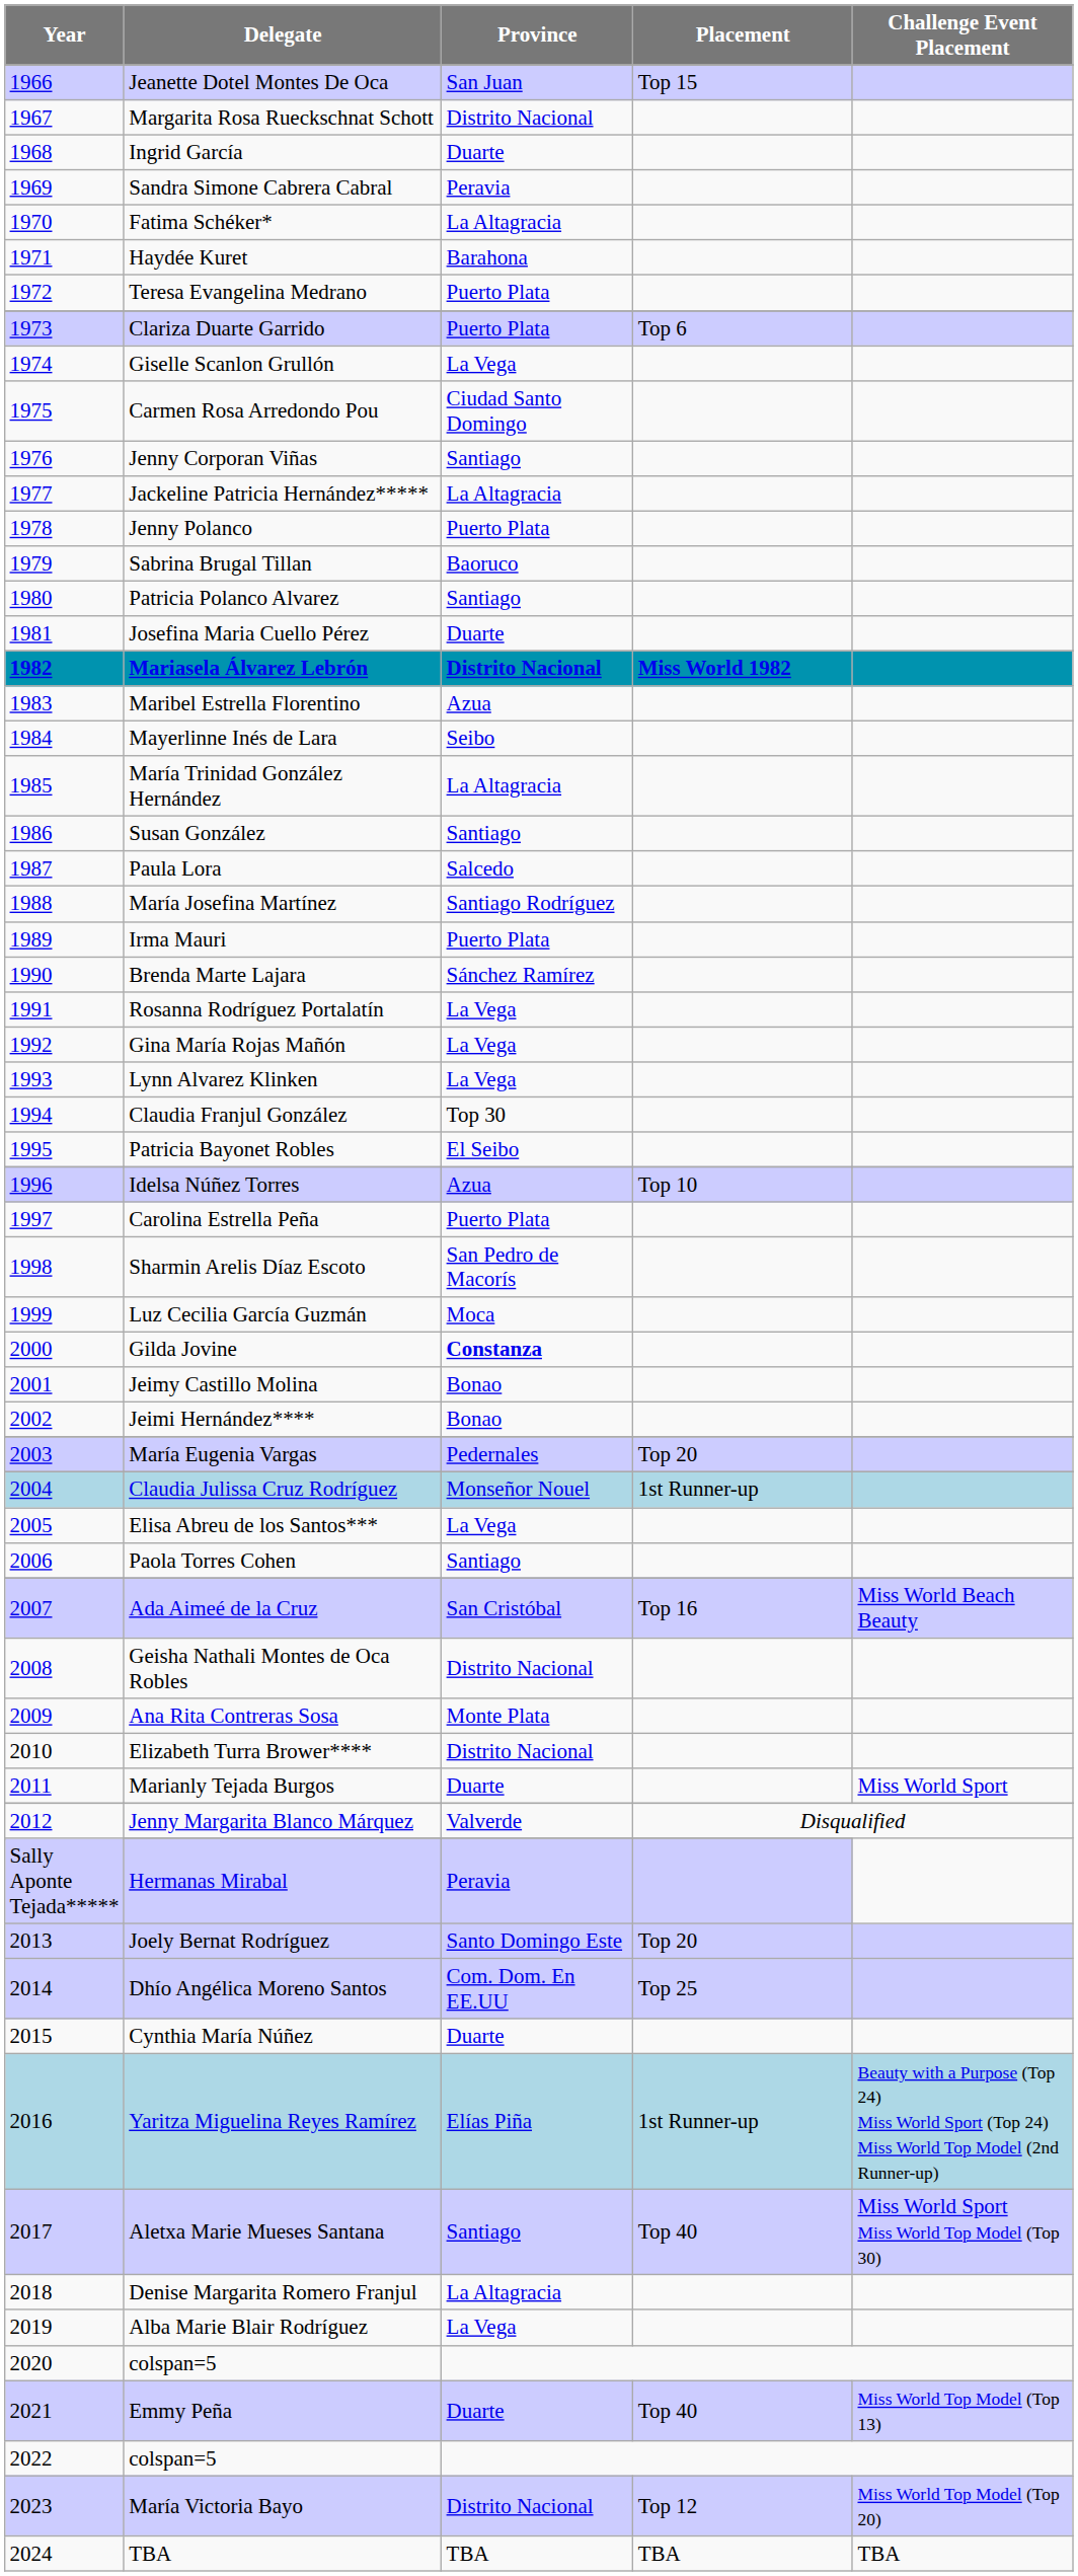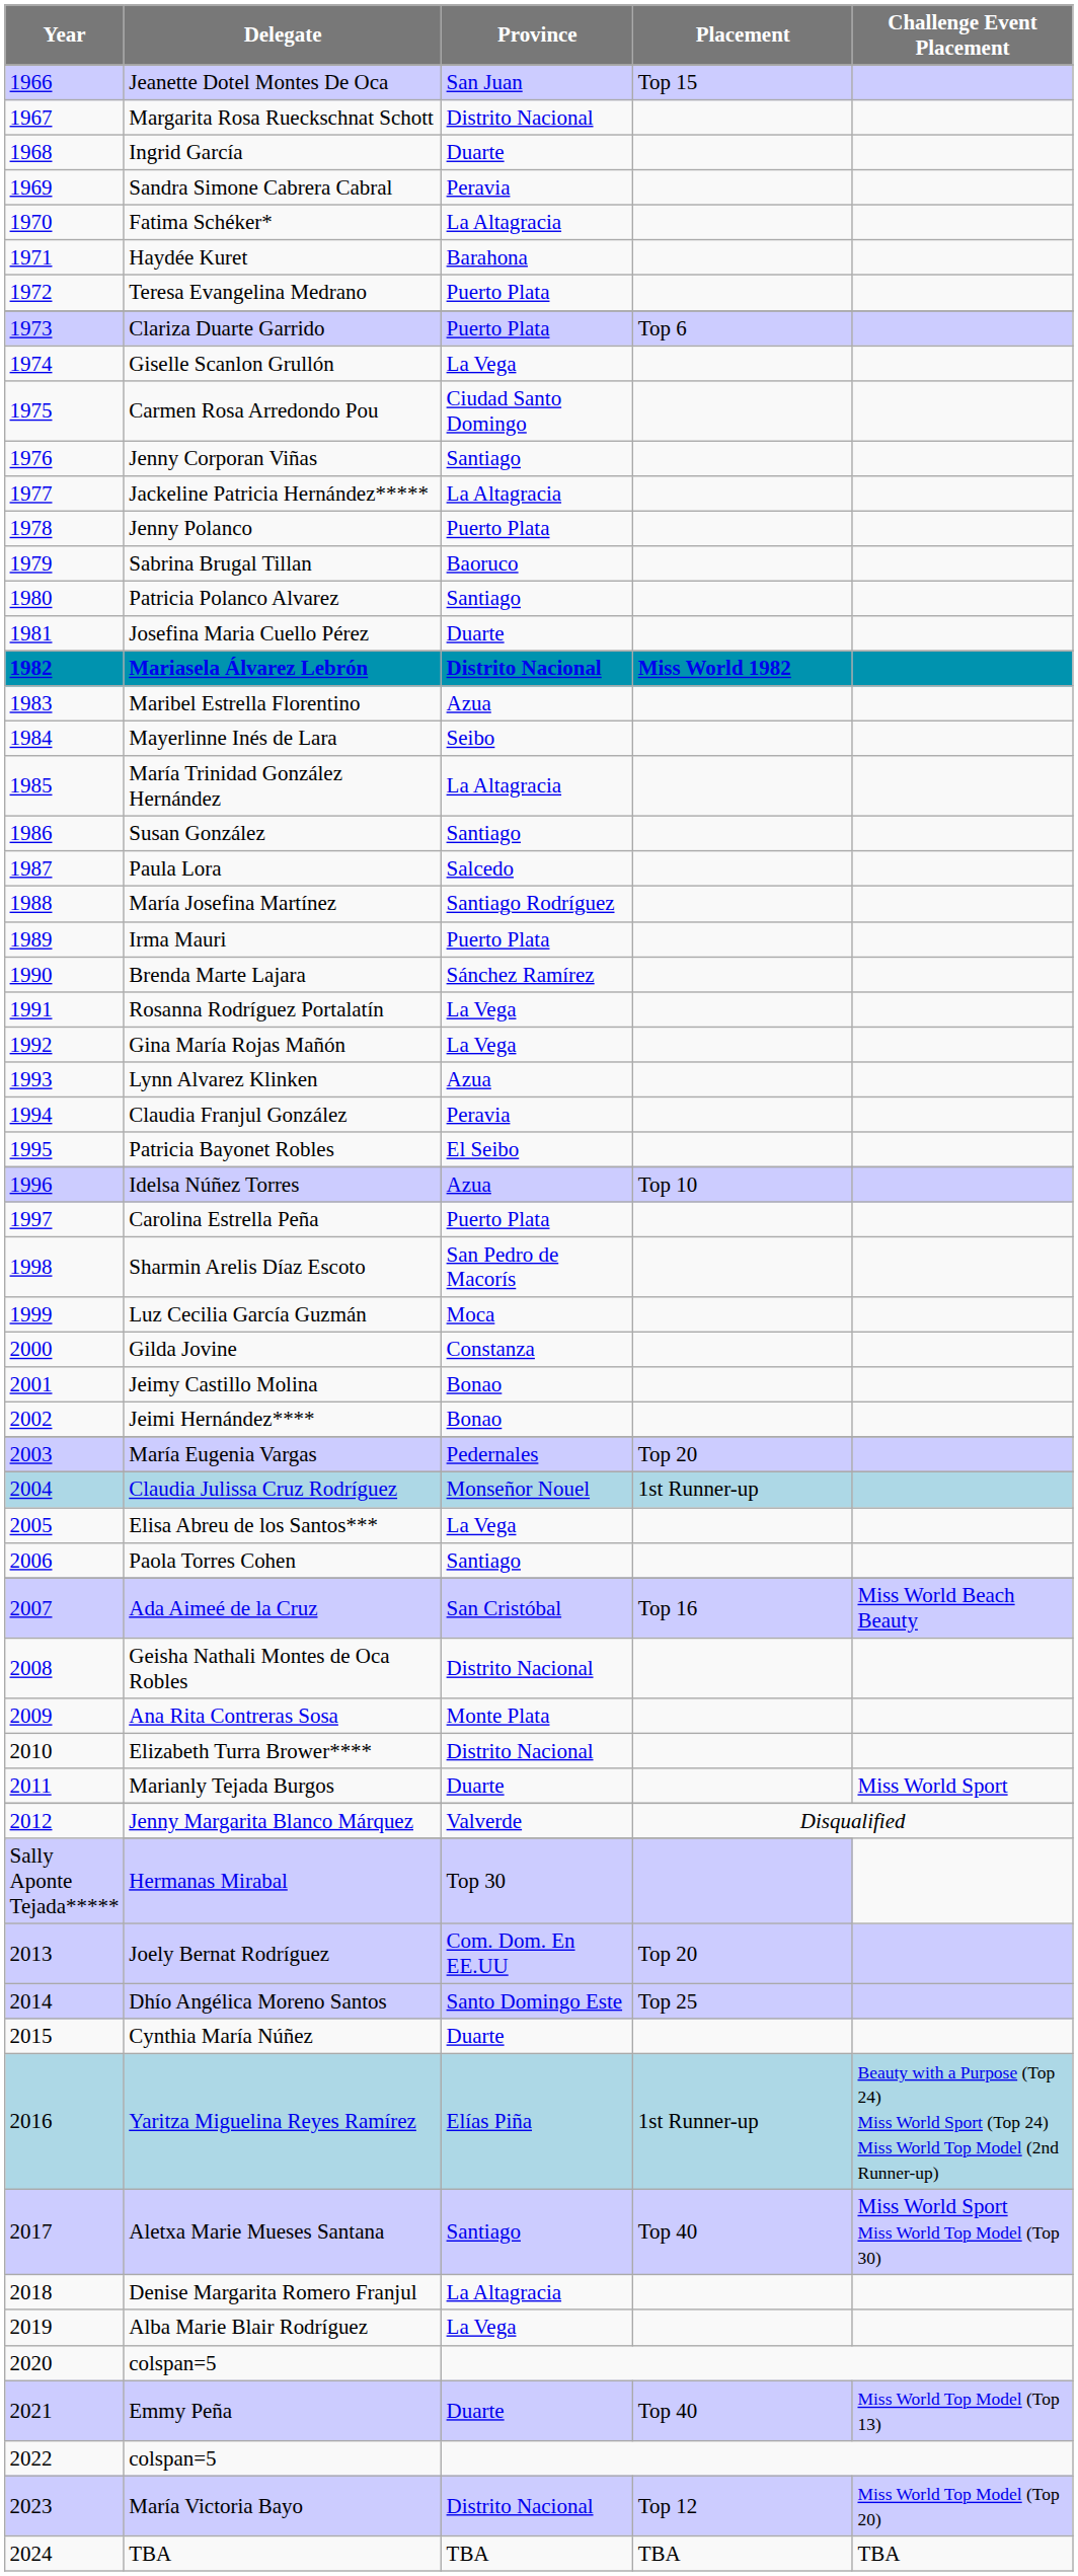 <table class="wikitable sortable" style="font-size: 95%;">
 <tr>
 <th width="30" style="background-color:#787878;color:#FFFFFF;">Year</th>
 <th width="220" style="background-color:#787878;color:#FFFFFF;">Delegate</th>
 <th width="130" style="background-color:#787878;color:#FFFFFF;">Province</th>
 <th width="150" style="background-color:#787878;color:#FFFFFF;">Placement</th>
 <th width="150" style="background-color:#787878;color:#FFFFFF;">Challenge Event Placement</th>
 </tr>
 <tr>
 </tr>
 <tr style="background-color:#CCCCFF">
 <td><a href='#'>1966</a></td>
 <td>Jeanette Dotel Montes De Oca</td>
 <td><a href='#'>San Juan</a></td>
 <td>Top 15</td>
 <td></td>
 </tr>
 <tr>
 <td><a href='#'>1967</a></td>
 <td>Margarita Rosa Rueckschnat Schott</td>
 <td><a href='#'>Distrito Nacional</a></td>
 <td></td>
 <td></td>
 </tr>
 <tr>
 <td><a href='#'>1968</a></td>
 <td>Ingrid García</td>
 <td><a href='#'>Duarte</a></td>
 <td></td>
 <td></td>
 </tr>
 <tr>
 <td><a href='#'>1969</a></td>
 <td>Sandra Simone Cabrera Cabral</td>
 <td><a href='#'>Peravia</a></td>
 <td></td>
 <td></td>
 </tr>
 <tr>
 <td><a href='#'>1970</a></td>
 <td>Fatima Schéker*</td>
 <td><a href='#'>La Altagracia</a></td>
 <td></td>
 <td></td>
 </tr>
 <tr>
 <td><a href='#'>1971</a></td>
 <td>Haydée Kuret</td>
 <td><a href='#'>Barahona</a></td>
 <td></td>
 <td></td>
 </tr>
 <tr>
 <td><a href='#'>1972</a></td>
 <td>Teresa Evangelina Medrano</td>
 <td><a href='#'>Puerto Plata</a></td>
 <td></td>
 <td></td>
 </tr>
 <tr>
 </tr>
 <tr style="background-color:#CCCCFF">
 <td><a href='#'>1973</a></td>
 <td>Clariza Duarte Garrido</td>
 <td><a href='#'>Puerto Plata</a></td>
 <td>Top 6</td>
 <td></td>
 </tr>
 <tr>
 <td><a href='#'>1974</a></td>
 <td>Giselle Scanlon Grullón</td>
 <td><a href='#'>La Vega</a></td>
 <td></td>
 <td></td>
 </tr>
 <tr>
 <td><a href='#'>1975</a></td>
 <td>Carmen Rosa Arredondo Pou</td>
 <td><a href='#'>Ciudad Santo Domingo</a></td>
 <td></td>
 <td></td>
 </tr>
 <tr>
 <td><a href='#'>1976</a></td>
 <td>Jenny Corporan Viñas</td>
 <td><a href='#'>Santiago</a></td>
 <td></td>
 <td></td>
 </tr>
 <tr>
 <td><a href='#'>1977</a></td>
 <td>Jackeline Patricia Hernández*****</td>
 <td><a href='#'>La Altagracia</a></td>
 <td></td>
 <td></td>
 </tr>
 <tr>
 <td><a href='#'>1978</a></td>
 <td>Jenny Polanco</td>
 <td><a href='#'>Puerto Plata</a></td>
 <td></td>
 <td></td>
 </tr>
 <tr>
 <td><a href='#'>1979</a></td>
 <td>Sabrina Brugal Tillan</td>
 <td><a href='#'>Baoruco</a></td>
 <td></td>
 <td></td>
 </tr>
 <tr>
 <td><a href='#'>1980</a></td>
 <td>Patricia Polanco Alvarez</td>
 <td><a href='#'>Santiago</a></td>
 <td></td>
 <td></td>
 </tr>
 <tr>
 <td><a href='#'>1981</a></td>
 <td>Josefina Maria Cuello Pérez</td>
 <td><a href='#'>Duarte</a></td>
 <td></td>
 <td></td>
 </tr>
 <tr>
 </tr>
 <tr style="background:#0093AF; font-weight:bold;">
 <td><a href='#'>1982</a></td>
 <td><a href='#'>Mariasela Álvarez Lebrón</a></td>
 <td><a href='#'>Distrito Nacional</a></td>
 <td><a href='#'>Miss World 1982</a></td>
 <td></td>
 </tr>
 <tr>
 <td><a href='#'>1983</a></td>
 <td>Maribel Estrella Florentino</td>
 <td><a href='#'>Azua</a></td>
 <td></td>
 <td></td>
 </tr>
 <tr>
 <td><a href='#'>1984</a></td>
 <td>Mayerlinne Inés de Lara</td>
 <td><a href='#'>Seibo</a></td>
 <td></td>
 <td></td>
 </tr>
 <tr>
 <td><a href='#'>1985</a></td>
 <td>María Trinidad González Hernández</td>
 <td><a href='#'>La Altagracia</a></td>
 <td></td>
 <td></td>
 </tr>
 <tr>
 <td><a href='#'>1986</a></td>
 <td>Susan González</td>
 <td><a href='#'>Santiago</a></td>
 <td></td>
 <td></td>
 </tr>
 <tr>
 <td><a href='#'>1987</a></td>
 <td>Paula Lora</td>
 <td><a href='#'>Salcedo</a></td>
 <td></td>
 <td></td>
 </tr>
 <tr>
 <td><a href='#'>1988</a></td>
 <td>María Josefina Martínez</td>
 <td><a href='#'>Santiago Rodríguez</a></td>
 <td></td>
 <td></td>
 </tr>
 <tr>
 <td><a href='#'>1989</a></td>
 <td>Irma Mauri</td>
 <td><a href='#'>Puerto Plata</a></td>
 <td></td>
 <td></td>
 </tr>
 <tr>
 <td><a href='#'>1990</a></td>
 <td>Brenda Marte Lajara</td>
 <td><a href='#'>Sánchez Ramírez</a></td>
 <td></td>
 <td></td>
 </tr>
 <tr>
 <td><a href='#'>1991</a></td>
 <td>Rosanna Rodríguez Portalatín</td>
 <td><a href='#'>La Vega</a></td>
 <td></td>
 <td></td>
 </tr>
 <tr>
 <td><a href='#'>1992</a></td>
 <td>Gina María Rojas Mañón</td>
 <td><a href='#'>La Vega</a></td>
 <td></td>
 <td></td>
 </tr>
 <tr>
 <td><a href='#'>1993</a></td>
 <td>Lynn Alvarez Klinken</td>
-<td><a href='#'>La Vega</a></td>
+<td><a href='#'>Azua</a></td>
 <td></td>
 <td></td>
 </tr>
 <tr>
 <td><a href='#'>1994</a></td>
 <td>Claudia Franjul González</td>
-<td>Top 30</td>
+<td><a href='#'>Peravia</a></td>
 <td></td>
 <td></td>
 </tr>
 <tr>
 <td><a href='#'>1995</a></td>
 <td>Patricia Bayonet Robles</td>
 <td><a href='#'>El Seibo</a></td>
 <td></td>
 <td></td>
 </tr>
 <tr>
 </tr>
 <tr style="background-color:#CCCCFF">
 <td><a href='#'>1996</a></td>
 <td>Idelsa Núñez Torres</td>
 <td><a href='#'>Azua</a></td>
 <td>Top 10</td>
 <td></td>
 </tr>
 <tr>
 <td><a href='#'>1997</a></td>
 <td>Carolina Estrella Peña</td>
 <td><a href='#'>Puerto Plata</a></td>
 <td></td>
 <td></td>
 </tr>
 <tr>
 <td><a href='#'>1998</a></td>
 <td>Sharmin Arelis Díaz Escoto</td>
 <td><a href='#'>San Pedro de Macorís</a></td>
 <td></td>
 <td></td>
 </tr>
 <tr>
 <td><a href='#'>1999</a></td>
 <td>Luz Cecilia García Guzmán</td>
 <td><a href='#'>Moca</a></td>
 <td></td>
 <td></td>
 </tr>
 <tr>
 <td><a href='#'>2000</a></td>
 <td>Gilda Jovine</td>
-<td><strong><a href='#'>Constanza</a></strong></td>
+<td><a href='#'>Constanza</a></td>
 <td></td>
 <td></td>
 </tr>
 <tr>
 <td><a href='#'>2001</a></td>
 <td>Jeimy Castillo Molina</td>
 <td><a href='#'>Bonao</a></td>
 <td></td>
 <td></td>
 </tr>
 <tr>
 <td><a href='#'>2002</a></td>
 <td>Jeimi Hernández****</td>
 <td><a href='#'>Bonao</a></td>
 <td></td>
 <td></td>
 </tr>
 <tr>
 </tr>
 <tr style="background-color:#CCCCFF">
 <td><a href='#'>2003</a></td>
 <td>María Eugenia Vargas</td>
 <td><a href='#'>Pedernales</a></td>
 <td>Top 20</td>
 <td></td>
 </tr>
 <tr>
 </tr>
 <tr style="background-color:#ADD8E6">
 <td><a href='#'>2004</a></td>
 <td><a href='#'>Claudia Julissa Cruz Rodríguez</a></td>
 <td><a href='#'>Monseñor Nouel</a></td>
 <td>1st Runner-up</td>
 <td></td>
 </tr>
 <tr>
 <td><a href='#'>2005</a></td>
 <td>Elisa Abreu de los Santos***</td>
 <td><a href='#'>La Vega</a></td>
 <td></td>
 <td></td>
 </tr>
 <tr>
 <td><a href='#'>2006</a></td>
 <td>Paola Torres Cohen</td>
 <td><a href='#'>Santiago</a></td>
 <td></td>
 <td></td>
 </tr>
 <tr>
 </tr>
 <tr style="background-color:#CCCCFF">
 <td><a href='#'>2007</a></td>
 <td><a href='#'>Ada Aimeé de la Cruz</a></td>
 <td><a href='#'>San Cristóbal</a></td>
 <td>Top 16</td>
 <td><a href='#'>Miss World Beach Beauty</a></td>
 </tr>
 <tr>
 <td><a href='#'>2008</a></td>
 <td>Geisha Nathali Montes de Oca Robles</td>
 <td><a href='#'>Distrito Nacional</a></td>
 <td></td>
 <td></td>
 </tr>
 <tr>
 <td><a href='#'>2009</a></td>
 <td><a href='#'>Ana Rita Contreras Sosa</a></td>
 <td><a href='#'>Monte Plata</a></td>
 <td></td>
 <td></td>
 </tr>
 <tr>
 <td>2010</td>
 <td>Elizabeth Turra Brower****</td>
 <td><a href='#'>Distrito Nacional</a></td>
 <td></td>
 <td></td>
 </tr>
 <tr>
 <td><a href='#'>2011</a></td>
 <td>Marianly Tejada Burgos</td>
 <td><a href='#'>Duarte</a></td>
 <td></td>
 <td><a href='#'>Miss World Sport</a></td>
 </tr>
 <tr>
 </tr>
 <tr>
 <td rowspan=2><a href='#'>2012</a></td>
 <td><a href='#'>Jenny Margarita Blanco Márquez</a></td>
 <td><a href='#'>Valverde</a></td>
 <td colspan=2 align=center><em>Disqualified</em></td>
 </tr>
 <tr>
 </tr>
 <tr style="background-color:#CCCCFF">
 <td>Sally Aponte Tejada*****</td>
 <td><a href='#'>Hermanas Mirabal</a></td>
-<td><a href='#'>Peravia</a></td>
+<td>Top 30</td>
 <td></td>
 </tr>
 <tr style="background-color:#CCCCFF">
 <td>2013</td>
 <td>Joely Bernat Rodríguez</td>
-<td><a href='#'>Santo Domingo Este</a></td>
+<td><a href='#'>Com. Dom. En EE.UU</a></td>
 <td>Top 20</td>
 <td></td>
 </tr>
 <tr style="background-color:#CCCCFF">
 <td>2014</td>
 <td>Dhío Angélica Moreno Santos</td>
-<td><a href='#'>Com. Dom. En EE.UU</a></td>
+<td><a href='#'>Santo Domingo Este</a></td>
 <td>Top 25</td>
 <td></td>
 </tr>
 <tr>
 <td>2015</td>
 <td>Cynthia María Núñez</td>
 <td><a href='#'>Duarte</a></td>
 <td></td>
 <td></td>
 </tr>
 <tr style="background-color:#ADD8E6">
 <td>2016</td>
 <td><a href='#'>Yaritza Miguelina Reyes Ramírez</a></td>
 <td><a href='#'>Elías Piña</a></td>
 <td>1st Runner-up</td>
 <td><small><a href='#'>Beauty with a Purpose</a> (Top 24)<br> <a href='#'>Miss World Sport</a> (Top 24)<br> <a href='#'>Miss World Top Model</a> (2nd Runner-up)</small></td>
 </tr>
 <tr style="background-color:#CCCCFF">
 <td>2017</td>
 <td>Aletxa Marie Mueses Santana</td>
 <td><a href='#'>Santiago</a></td>
 <td>Top 40</td>
 <td><a href='#'>Miss World Sport</a><br> <small><a href='#'>Miss World Top Model</a> (Top 30)</small></td>
 </tr>
 <tr>
 <td>2018</td>
 <td>Denise Margarita Romero Franjul</td>
 <td><a href='#'>La Altagracia</a></td>
 <td></td>
 <td></td>
 </tr>
 <tr>
 <td>2019</td>
 <td>Alba Marie Blair Rodríguez</td>
 <td><a href='#'>La Vega</a></td>
 <td></td>
 <td></td>
 </tr>
 <tr>
 <td>2020</td>
 <td>colspan=5 </td>
 </tr>
 <tr style="background-color:#CCCCFF">
 <td>2021</td>
 <td>Emmy Peña</td>
 <td><a href='#'>Duarte</a></td>
 <td>Top 40</td>
 <td><small> <a href='#'>Miss World Top Model</a> (Top 13)</small></td>
 </tr>
 <tr>
 <td>2022</td>
 <td>colspan=5 </td>
 </tr>
 <tr style="background-color:#CCCCFF">
 <td>2023</td>
 <td>María Victoria Bayo</td>
 <td><a href='#'>Distrito Nacional</a></td>
 <td>Top 12</td>
 <td><small><a href='#'>Miss World Top Model</a> (Top 20)</small></td>
 </tr>
 <tr>
 <td>2024</td>
 <td>TBA</td>
 <td>TBA</td>
 <td>TBA</td>
 <td>TBA</td>
 </tr>
 </table>
